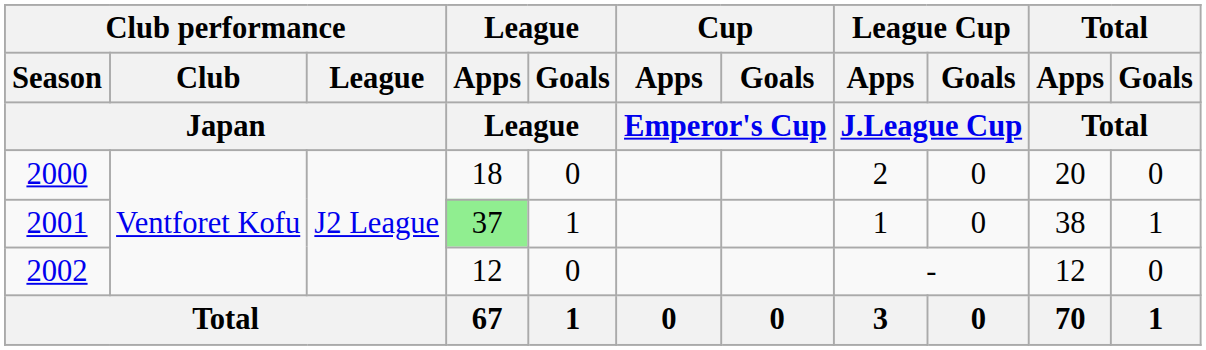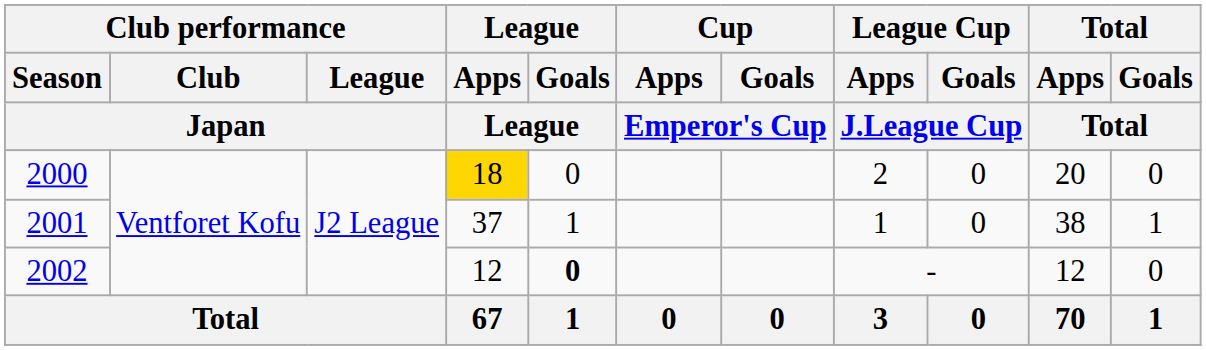 <table class="wikitable" style="text-align:center;">
 <tr>
 <th colspan=3>Club performance</th>
 <th colspan=2>League</th>
 <th colspan=2>Cup</th>
 <th colspan=2>League Cup</th>
 <th colspan=2>Total</th>
 </tr>
 <tr>
 <th>Season</th>
 <th>Club</th>
 <th>League</th>
 <th>Apps</th>
 <th>Goals</th>
 <th>Apps</th>
 <th>Goals</th>
 <th>Apps</th>
 <th>Goals</th>
 <th>Apps</th>
 <th>Goals</th>
 </tr>
 <tr>
 <th colspan=3>Japan</th>
 <th colspan=2>League</th>
 <th colspan=2><a href='#'>Emperor's Cup</a></th>
 <th colspan=2><a href='#'>J.League Cup</a></th>
 <th colspan=2>Total</th>
 </tr>
 <tr>
 <td><a href='#'>2000</a></td>
 <td rowspan="3"><a href='#'>Ventforet Kofu</a></td>
 <td rowspan="3"><a href='#'>J2 League</a></td>
-<td>18</td>
+<td style="background: gold;">18</td>
 <td>0</td>
 <td></td>
 <td></td>
 <td>2</td>
 <td>0</td>
 <td>20</td>
 <td>0</td>
 </tr>
 <tr>
 <td><a href='#'>2001</a></td>
-<td style="background: lightgreen;">37</td>
+<td>37</td>
 <td>1</td>
 <td></td>
 <td></td>
 <td>1</td>
 <td>0</td>
 <td>38</td>
 <td>1</td>
 </tr>
 <tr>
 <td><a href='#'>2002</a></td>
 <td>12</td>
-<td>0</td>
+<td><strong>0</strong></td>
 <td></td>
 <td></td>
 <td colspan="2">-</td>
 <td>12</td>
 <td>0</td>
 </tr>
 <tr>
 <th colspan=3>Total</th>
 <th>67</th>
 <th>1</th>
 <th>0</th>
 <th>0</th>
 <th>3</th>
 <th>0</th>
 <th>70</th>
 <th>1</th>
 </tr>
 </table>
